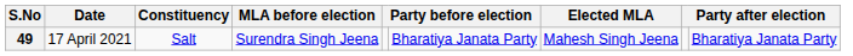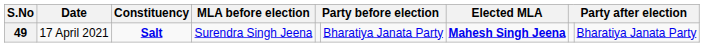 <table class="wikitable sortable" style="text-align:center;">
 <tr>
 <th>S.No</th>
 <th>Date</th>
 <th>Constituency</th>
 <th>MLA before election</th>
 <th colspan="2">Party before election</th>
 <th>Elected MLA</th>
 <th colspan="2">Party after election</th>
 </tr>
 <tr>
 <th>49</th>
 <td>17 April 2021</td>
-<td><a href='#'>Salt</a></td>
+<td><strong><a href='#'>Salt</a></strong></td>
 <td><a href='#'>Surendra Singh Jeena</a></td>
 <td></td>
 <td><a href='#'>Bharatiya Janata Party</a></td>
-<td><a href='#'>Mahesh Singh Jeena</a></td>
+<td><strong><a href='#'>Mahesh Singh Jeena</a></strong></td>
 <td></td>
 <td><a href='#'>Bharatiya Janata Party</a></td>
 </tr>
 </table>
